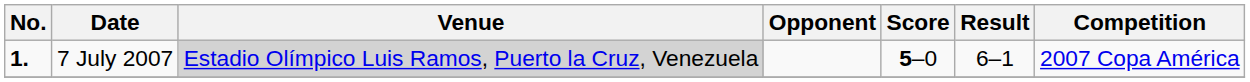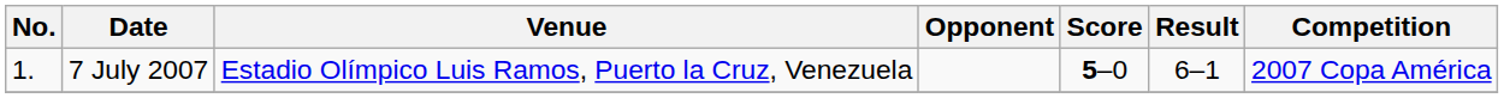 <table class="wikitable collapsible">
 <tr>
 <th>No.</th>
 <th>Date</th>
 <th>Venue</th>
 <th>Opponent</th>
 <th>Score</th>
 <th>Result</th>
 <th>Competition</th>
 </tr>
 <tr>
-<td><strong>1.</strong></td>
+<td>1.</td>
 <td>7 July 2007</td>
-<td style="background: lightgrey;"><a href='#'>Estadio Olímpico Luis Ramos</a>, <a href='#'>Puerto la Cruz</a>, Venezuela</td>
+<td><a href='#'>Estadio Olímpico Luis Ramos</a>, <a href='#'>Puerto la Cruz</a>, Venezuela</td>
 <td></td>
 <td align=center><strong>5</strong>–0</td>
 <td style="text-align:center;">6–1</td>
 <td><a href='#'>2007 Copa América</a></td>
 </tr>
 <tr>
 </tr>
 </table>
